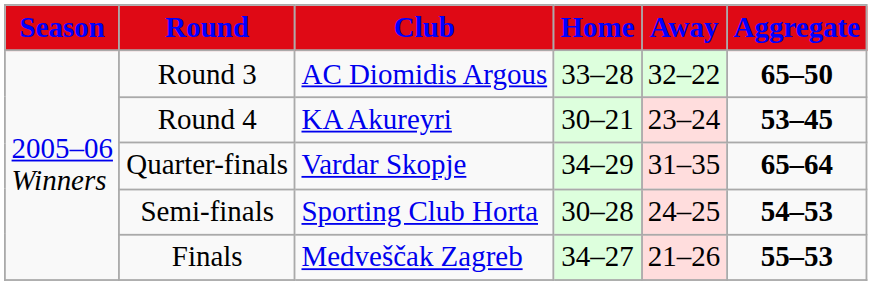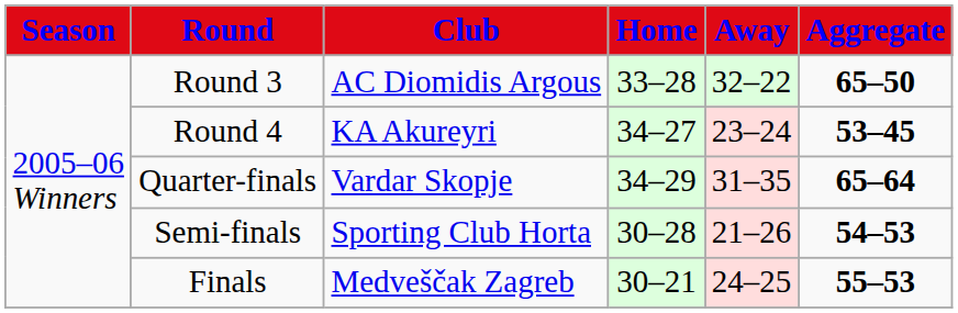 <table class="wikitable">
 <tr>
 <th style="color:blue; background:#DF0915">Season</th>
 <th style="color:blue; background:#DF0915">Round</th>
 <th style="color:blue; background:#DF0915">Club</th>
 <th style="color:blue; background:#DF0915">Home</th>
 <th style="color:blue; background:#DF0915">Away</th>
 <th style="color:blue; background:#DF0915">Aggregate</th>
 </tr>
 <tr>
 <td rowspan=5><a href='#'>2005–06</a><br> <em>Winners</em></td>
 <td align=center>Round 3</td>
 <td> <a href='#'>AC Diomidis Argous</a></td>
 <td style="text-align:center; background:#dfd;">33–28</td>
 <td style="text-align:center; background:#dfd;">32–22</td>
 <td style="text-align:center;"><strong>65–50</strong></td>
 </tr>
 <tr>
 <td align=center>Round 4</td>
 <td> <a href='#'>KA Akureyri</a></td>
-<td style="text-align:center; background:#dfd;">30–21</td>
+<td style="text-align:center; background:#dfd;">34–27</td>
 <td style="text-align:center; background:#fdd;">23–24</td>
 <td style="text-align:center;"><strong>53–45</strong></td>
 </tr>
 <tr>
 <td align=center>Quarter-finals</td>
 <td> <a href='#'>Vardar Skopje</a></td>
 <td style="text-align:center; background:#dfd;">34–29</td>
 <td style="text-align:center; background:#fdd;">31–35</td>
 <td style="text-align:center;"><strong>65–64</strong></td>
 </tr>
 <tr>
 <td align=center>Semi-finals</td>
 <td> <a href='#'>Sporting Club Horta</a></td>
 <td style="text-align:center; background:#dfd;">30–28</td>
-<td style="text-align:center; background:#fdd;">24–25</td>
+<td style="text-align:center; background:#fdd;">21–26</td>
 <td style="text-align:center;"><strong>54–53</strong></td>
 </tr>
 <tr>
 <td align=center>Finals</td>
 <td> <a href='#'>Medveščak Zagreb</a></td>
-<td style="text-align:center; background:#dfd;">34–27</td>
-<td style="text-align:center; background:#fdd;">21–26</td>
+<td style="text-align:center; background:#dfd;">30–21</td>
+<td style="text-align:center; background:#fdd;">24–25</td>
 <td style="text-align:center;"><strong>55–53</strong></td>
 </tr>
 </table>
